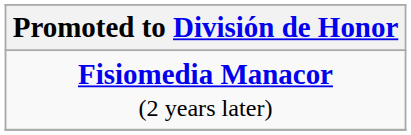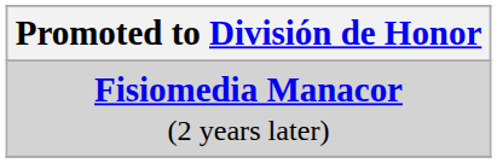 <table class="wikitable" style="text-align: center; margin: 0 auto;">
 <tr>
 <th colspan="2">Promoted to <a href='#'>División de Honor</a></th>
 </tr>
 <tr>
-<td><strong><a href='#'>Fisiomedia Manacor</a></strong><br><small>(2 years later)</small></td>
+<td style="background: lightgrey;"><strong><a href='#'>Fisiomedia Manacor</a></strong><br><small>(2 years later)</small></td>
 </tr>
 <tr>
 </tr>
 </table>
